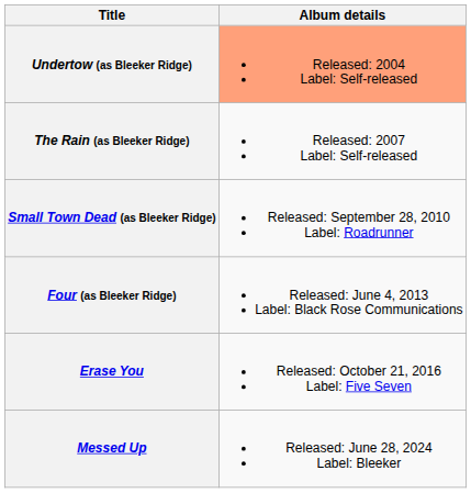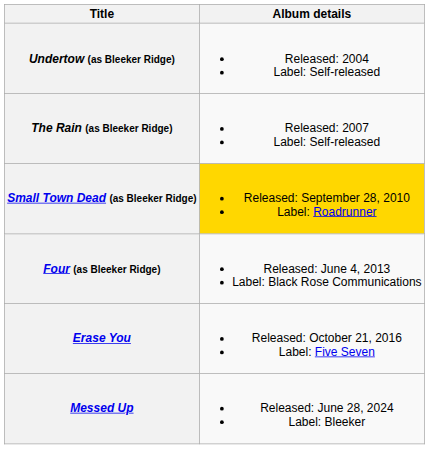 <table class="wikitable plainrowheaders" style="text-align:center;">
 <tr>
 <th scope="col">Title</th>
 <th scope="col">Album details</th>
 </tr>
 <tr>
 <th scope="row"><em>Undertow</em> <small>(as Bleeker Ridge)</small></th>
-<td style="background: lightsalmon;"><br><ul><li>Released: 2004</li><li>Label: Self-released</li></ul></td>
+<td><br><ul><li>Released: 2004</li><li>Label: Self-released</li></ul></td>
 </tr>
 <tr>
 <th scope="row"><em>The Rain</em> <small>(as Bleeker Ridge)</small></th>
 <td><br><ul><li>Released: 2007</li><li>Label: Self-released</li></ul></td>
 </tr>
 <tr>
 <th scope="row"><em><a href='#'>Small Town Dead</a></em> <small>(as Bleeker Ridge)</small></th>
-<td><br><ul><li>Released: September 28, 2010</li><li>Label: <a href='#'>Roadrunner</a></li></ul></td>
+<td style="background: gold;"><br><ul><li>Released: September 28, 2010</li><li>Label: <a href='#'>Roadrunner</a></li></ul></td>
 </tr>
 <tr>
 <th scope="row"><em><a href='#'>Four</a></em> <small>(as Bleeker Ridge)</small></th>
 <td><br><ul><li>Released: June 4, 2013</li><li>Label: Black Rose Communications</li></ul></td>
 </tr>
 <tr>
 <th scope="row"><em><a href='#'>Erase You</a></em></th>
 <td><br><ul><li>Released: October 21, 2016</li><li>Label: <a href='#'>Five Seven</a></li></ul></td>
 </tr>
 <tr>
 <th scope="row"><em><a href='#'>Messed Up</a></em></th>
 <td><br><ul><li>Released: June 28, 2024 </li><li>Label: Bleeker</li></ul></td>
 </tr>
 </table>
